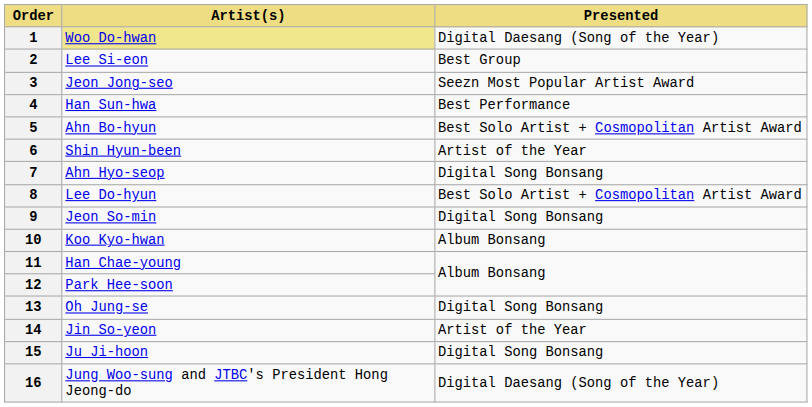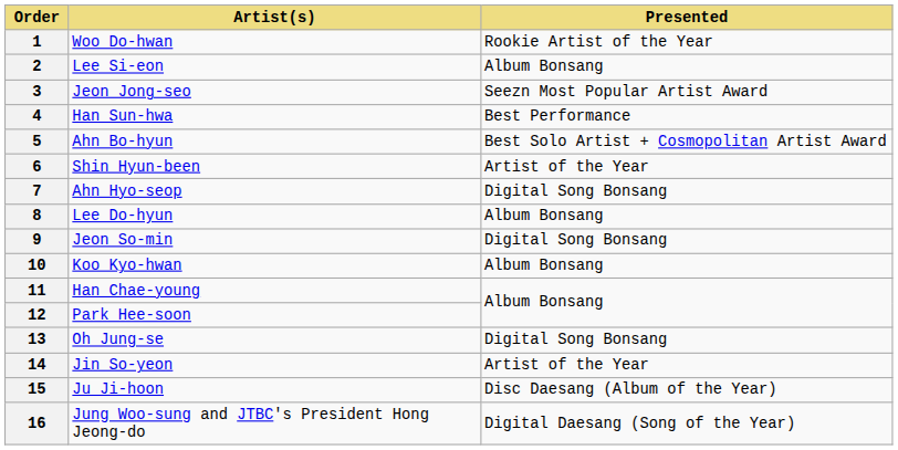 <table class="wikitable plainrowheaders" style="width:60%">
 <tr>
 <th scope="col" style="background:#EEDD82; width:2%">Order</th>
 <th scope="col" style="background:#EEDD82; width:29%">Artist(s)</th>
 <th scope="col" style="background:#EEDD82; width:29%">Presented</th>
 </tr>
 <tr>
 <th scope="row">1</th>
-<td style="background: khaki;"><a href='#'>Woo Do-hwan</a></td>
-<td>Digital Daesang (Song of the Year)</td>
+<td><a href='#'>Woo Do-hwan</a></td>
+<td>Rookie Artist of the Year</td>
 </tr>
 <tr>
 <th scope="row">2</th>
 <td><a href='#'>Lee Si-eon</a></td>
-<td>Best Group</td>
+<td>Album Bonsang</td>
 </tr>
 <tr>
 <th scope="row">3</th>
 <td><a href='#'>Jeon Jong-seo</a></td>
 <td>Seezn Most Popular Artist Award</td>
 </tr>
 <tr>
 <th scope="row">4</th>
 <td><a href='#'>Han Sun-hwa</a></td>
 <td>Best Performance</td>
 </tr>
 <tr>
 <th scope="row">5</th>
 <td><a href='#'>Ahn Bo-hyun</a></td>
 <td>Best Solo Artist + <a href='#'>Cosmopolitan</a> Artist Award</td>
 </tr>
 <tr>
 <th scope="row">6</th>
 <td><a href='#'>Shin Hyun-been</a></td>
 <td>Artist of the Year</td>
 </tr>
 <tr>
 <th scope="row">7</th>
 <td><a href='#'>Ahn Hyo-seop</a></td>
 <td>Digital Song Bonsang</td>
 </tr>
 <tr>
 <th scope="row">8</th>
 <td><a href='#'>Lee Do-hyun</a></td>
-<td>Best Solo Artist + <a href='#'>Cosmopolitan</a> Artist Award</td>
+<td>Album Bonsang</td>
 </tr>
 <tr>
 <th scope="row">9</th>
 <td><a href='#'>Jeon So-min</a></td>
 <td>Digital Song Bonsang</td>
 </tr>
 <tr>
 <th scope="row">10</th>
 <td><a href='#'>Koo Kyo-hwan</a></td>
 <td>Album Bonsang</td>
 </tr>
 <tr>
 <th scope="row">11</th>
 <td><a href='#'>Han Chae-young</a></td>
 <td rowspan="2">Album Bonsang</td>
 </tr>
 <tr>
 <th scope="row">12</th>
 <td><a href='#'>Park Hee-soon</a></td>
 </tr>
 <tr>
 <th scope="row">13</th>
 <td><a href='#'>Oh Jung-se</a></td>
 <td>Digital Song Bonsang</td>
 </tr>
 <tr>
 <th scope="row">14</th>
 <td><a href='#'>Jin So-yeon</a></td>
 <td>Artist of the Year</td>
 </tr>
 <tr>
 <th scope="row">15</th>
 <td><a href='#'>Ju Ji-hoon</a></td>
-<td>Digital Song Bonsang</td>
+<td>Disc Daesang (Album of the Year)</td>
 </tr>
 <tr>
 <th scope="row">16</th>
 <td><a href='#'>Jung Woo-sung</a> and <a href='#'>JTBC</a>'s President Hong Jeong-do</td>
 <td>Digital Daesang (Song of the Year)</td>
 </tr>
 </table>
